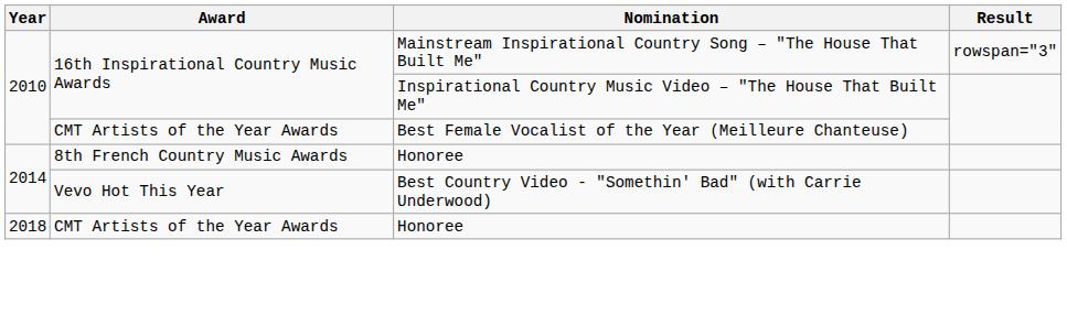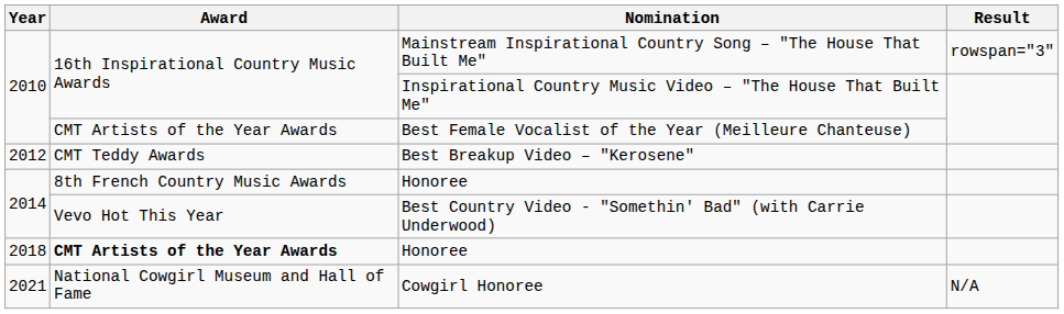 <table class="wikitable">
 <tr>
 <th>Year</th>
 <th>Award</th>
 <th>Nomination</th>
 <th>Result</th>
 </tr>
 <tr>
 <td rowspan="3">2010</td>
 <td rowspan="2">16th Inspirational Country Music Awards</td>
 <td>Mainstream Inspirational Country Song – "The House That Built Me"</td>
 <td>rowspan="3" </td>
 </tr>
 <tr>
 <td>Inspirational Country Music Video – "The House That Built Me"</td>
 </tr>
 <tr>
 <td rowspan="1">CMT Artists of the Year Awards</td>
 <td>Best Female Vocalist of the Year (Meilleure Chanteuse)</td>
 </tr>
 <tr>
+<td rowspan="1">2012</td>
+<td>CMT Teddy Awards</td>
+<td>Best Breakup Video – "Kerosene"</td>
+<td></td>
+</tr>
+<tr>
 <td rowspan="2">2014</td>
 <td>8th French Country Music Awards</td>
 <td>Honoree</td>
 <td></td>
 </tr>
 <tr>
 <td>Vevo Hot This Year</td>
 <td>Best Country Video - "Somethin' Bad" (with Carrie Underwood)</td>
 <td></td>
 </tr>
 <tr>
 <td rowspan="1">2018</td>
-<td rowspan="1">CMT Artists of the Year Awards</td>
+<td rowspan="1"><strong>CMT Artists of the Year Awards</strong></td>
 <td>Honoree</td>
 <td></td>
 </tr>
+<tr>
+<td>2021</td>
+<td>National Cowgirl Museum and Hall of Fame</td>
+<td>Cowgirl Honoree</td>
+<td>N/A</td>
+</tr>
 </table>
